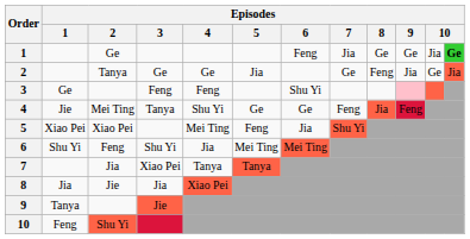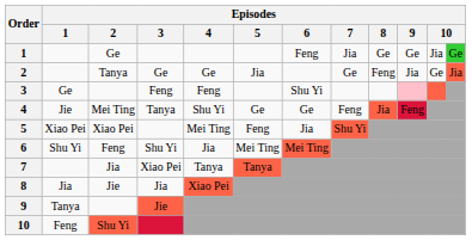 <table class="wikitable" style="text-align:center; font-size:92%">
 <tr>
 <th rowspan=2>Order</th>
 <th colspan=11>Episodes</th>
 </tr>
 <tr>
 <th>1</th>
 <th>2</th>
 <th>3</th>
 <th>4</th>
 <th>5</th>
 <th>6</th>
 <th>7</th>
 <th>8</th>
 <th>9</th>
 <th colspan=2>10</th>
 </tr>
 <tr>
 <th>1</th>
 <td></td>
 <td>Ge</td>
 <td></td>
 <td></td>
 <td></td>
 <td>Feng</td>
 <td>Jia</td>
 <td>Ge</td>
 <td>Ge</td>
 <td>Jia</td>
-<td style="background-color:limegreen;"><strong>Ge</strong></td>
+<td style="background-color:limegreen;">Ge</td>
 </tr>
 <tr>
 <th>2</th>
 <td></td>
 <td>Tanya</td>
 <td>Ge</td>
 <td>Ge</td>
 <td>Jia</td>
 <td></td>
 <td>Ge</td>
 <td>Feng</td>
 <td>Jia</td>
 <td>Ge</td>
 <td style="background-color:tomato;">Jia</td>
 </tr>
 <tr>
 <th>3</th>
 <td>Ge</td>
 <td></td>
 <td>Feng</td>
 <td>Feng</td>
 <td></td>
 <td>Shu Yi</td>
 <td></td>
 <td></td>
 <td bgcolor=pink></td>
 <td style="background:tomato;"></td>
 <td style="background:darkgray"></td>
 </tr>
 <tr>
 <th>4</th>
 <td>Jie</td>
 <td>Mei Ting</td>
 <td>Tanya</td>
 <td>Shu Yi</td>
 <td>Ge</td>
 <td>Ge</td>
 <td>Feng</td>
 <td style="background:tomato;">Jia</td>
 <td style="background:crimson;"><span>Feng</span></td>
 <td style="background:darkgray" colspan="2"></td>
 </tr>
 <tr>
 <th>5</th>
 <td>Xiao Pei</td>
 <td>Xiao Pei</td>
 <td></td>
 <td>Mei Ting</td>
 <td>Feng</td>
 <td>Jia</td>
 <td style="background:tomato;">Shu Yi</td>
 <td style="background:darkgray" colspan="4"></td>
 </tr>
 <tr>
 <th>6</th>
 <td>Shu Yi</td>
 <td>Feng</td>
 <td>Shu Yi</td>
 <td>Jia</td>
 <td>Mei Ting</td>
 <td style="background:tomato;">Mei Ting</td>
 <td style="background:darkgray" colspan="5"></td>
 </tr>
 <tr>
 <th>7</th>
 <td></td>
 <td>Jia</td>
 <td>Xiao Pei</td>
 <td>Tanya</td>
 <td style="background:tomato;">Tanya</td>
 <td style="background:darkgray" colspan="6"></td>
 </tr>
 <tr>
 <th>8</th>
 <td>Jia</td>
 <td>Jie</td>
 <td>Jia</td>
 <td style="background:tomato;">Xiao Pei</td>
 <td style="background:darkgray" colspan="7"></td>
 </tr>
 <tr>
 <th>9</th>
 <td>Tanya</td>
 <td></td>
 <td style="background:tomato;">Jie</td>
 <td style="background:darkgray" colspan="8"></td>
 </tr>
 <tr>
 <th>10</th>
 <td>Feng</td>
 <td style="background-color:tomato;">Shu Yi</td>
 <td bgcolor="crimson"><span></span></td>
 <td style="background:darkgray" colspan="9"></td>
 </tr>
 </table>
